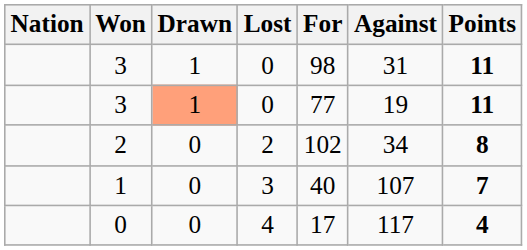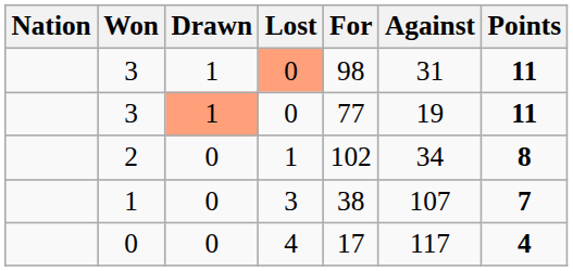 <table class="wikitable" style="text-align: center;">
 <tr>
 <th>Nation</th>
 <th>Won</th>
 <th>Drawn</th>
 <th>Lost</th>
 <th>For</th>
 <th>Against</th>
 <th>Points</th>
 </tr>
 <tr>
 <td align="left"></td>
 <td>3</td>
 <td>1</td>
-<td>0</td>
+<td style="background: lightsalmon;">0</td>
 <td>98</td>
 <td>31</td>
 <td><strong>11</strong></td>
 </tr>
 <tr>
 <td align="left"></td>
 <td>3</td>
 <td style="background: lightsalmon;">1</td>
 <td>0</td>
 <td>77</td>
 <td>19</td>
 <td><strong>11</strong></td>
 </tr>
 <tr>
 <td align="left"></td>
 <td>2</td>
 <td>0</td>
-<td>2</td>
+<td>1</td>
 <td>102</td>
 <td>34</td>
 <td><strong>8</strong></td>
 </tr>
 <tr>
 <td align="left"></td>
 <td>1</td>
 <td>0</td>
 <td>3</td>
-<td>40</td>
+<td>38</td>
 <td>107</td>
 <td><strong>7</strong></td>
 </tr>
 <tr>
 <td align="left"></td>
 <td>0</td>
 <td>0</td>
 <td>4</td>
 <td>17</td>
 <td>117</td>
 <td><strong>4</strong></td>
 </tr>
 </table>
